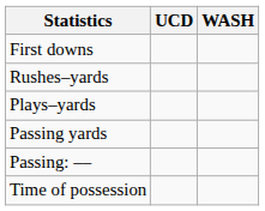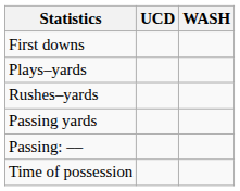 <table class="wikitable" style="float:left">
 <tr>
 <th>Statistics</th>
 <th>UCD</th>
 <th>WASH</th>
 </tr>
 <tr>
 <td>First downs</td>
 <td></td>
 <td></td>
 </tr>
 <tr>
-<td>Rushes–yards</td>
+<td>Plays–yards</td>
 <td></td>
 <td></td>
 </tr>
 <tr>
-<td>Plays–yards</td>
+<td>Rushes–yards</td>
 <td></td>
 <td></td>
 </tr>
 <tr>
 <td>Passing yards</td>
 <td></td>
 <td></td>
 </tr>
 <tr>
 <td>Passing: ––</td>
 <td></td>
 <td></td>
 </tr>
 <tr>
 <td>Time of possession</td>
 <td></td>
 <td></td>
 </tr>
 </table>
